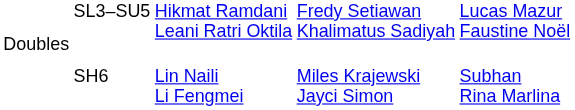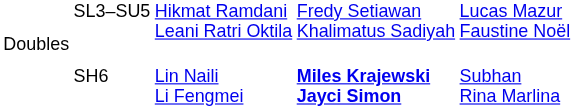 <table>
 <tr>
 <td rowspan="2">Doubles</td>
 <td>SL3–SU5<br></td>
 <td><br><a href='#'>Hikmat Ramdani</a><br><a href='#'>Leani Ratri Oktila</a></td>
 <td><br><a href='#'>Fredy Setiawan</a><br><a href='#'>Khalimatus Sadiyah</a></td>
 <td><br><a href='#'>Lucas Mazur</a><br><a href='#'>Faustine Noël</a></td>
 </tr>
 <tr>
 <td>SH6<br></td>
 <td><br><a href='#'>Lin Naili</a><br><a href='#'>Li Fengmei</a></td>
-<td><br><a href='#'>Miles Krajewski</a><br><a href='#'>Jayci Simon</a></td>
+<td><strong><br><a href='#'>Miles Krajewski</a><br><a href='#'>Jayci Simon</a></strong></td>
 <td><br><a href='#'>Subhan</a><br><a href='#'>Rina Marlina</a></td>
 </tr>
 </table>
